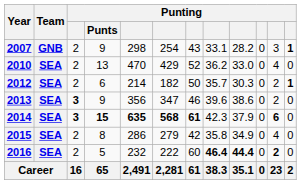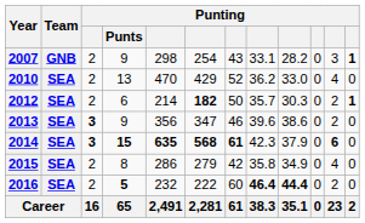 <table class=wikitable style="text-align:center;">
 <tr>
 <th rowspan="2">Year</th>
 <th rowspan="2">Team</th>
 <th colspan="10">Punting</th>
 </tr>
 <tr>
 <th></th>
 <th>Punts</th>
 <th></th>
 <th></th>
 <th></th>
 <th></th>
 <th></th>
 <th></th>
 <th></th>
 <th></th>
 </tr>
 <tr>
 <th><a href='#'>2007</a></th>
 <th><a href='#'>GNB</a></th>
 <td>2</td>
 <td>9</td>
 <td>298</td>
 <td>254</td>
 <td>43</td>
 <td>33.1</td>
 <td>28.2</td>
 <td>0</td>
 <td>3</td>
 <td><strong>1</strong></td>
 </tr>
 <tr>
 <th><a href='#'>2010</a></th>
 <th><a href='#'>SEA</a></th>
 <td>2</td>
 <td>13</td>
 <td>470</td>
 <td>429</td>
 <td>52</td>
 <td>36.2</td>
 <td>33.0</td>
 <td>0</td>
 <td>4</td>
 <td>0</td>
 </tr>
 <tr>
 <th><a href='#'>2012</a></th>
 <th><a href='#'>SEA</a></th>
 <td>2</td>
 <td>6</td>
 <td>214</td>
-<td>182</td>
+<td><strong>182</strong></td>
 <td>50</td>
 <td>35.7</td>
 <td>30.3</td>
 <td>0</td>
 <td>2</td>
 <td><strong>1</strong></td>
 </tr>
 <tr>
 <th><a href='#'>2013</a></th>
 <th><a href='#'>SEA</a></th>
 <td><strong>3</strong></td>
 <td>9</td>
 <td>356</td>
 <td>347</td>
 <td>46</td>
 <td>39.6</td>
 <td>38.6</td>
 <td>0</td>
 <td>2</td>
 <td>0</td>
 </tr>
 <tr>
 <th><a href='#'>2014</a></th>
 <th><a href='#'>SEA</a></th>
 <td><strong>3</strong></td>
 <td><strong>15</strong></td>
 <td><strong>635</strong></td>
 <td><strong>568</strong></td>
 <td><strong>61</strong></td>
 <td>42.3</td>
 <td>37.9</td>
 <td>0</td>
 <td><strong>6</strong></td>
 <td>0</td>
 </tr>
 <tr>
 <th><a href='#'>2015</a></th>
 <th><a href='#'>SEA</a></th>
 <td>2</td>
 <td>8</td>
 <td>286</td>
 <td>279</td>
 <td>42</td>
 <td>35.8</td>
 <td>34.9</td>
 <td>0</td>
 <td>4</td>
 <td>0</td>
 </tr>
 <tr>
 <th><a href='#'>2016</a></th>
 <th><a href='#'>SEA</a></th>
 <td>2</td>
-<td>5</td>
+<td><strong>5</strong></td>
 <td>232</td>
 <td>222</td>
 <td>60</td>
 <td><strong>46.4</strong></td>
 <td><strong>44.4</strong></td>
 <td>0</td>
-<td><strong>2</strong></td>
+<td>2</td>
 <td>0</td>
 </tr>
 <tr>
 <th colspan="2">Career</th>
 <th>16</th>
 <th>65</th>
 <th>2,491</th>
 <th>2,281</th>
 <th>61</th>
 <th>38.3</th>
 <th>35.1</th>
 <th>0</th>
 <th>23</th>
 <th>2</th>
 </tr>
 </table>
